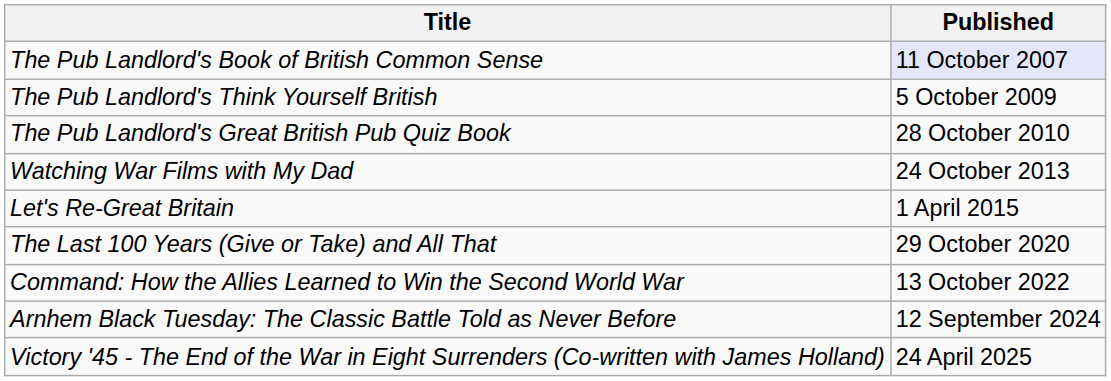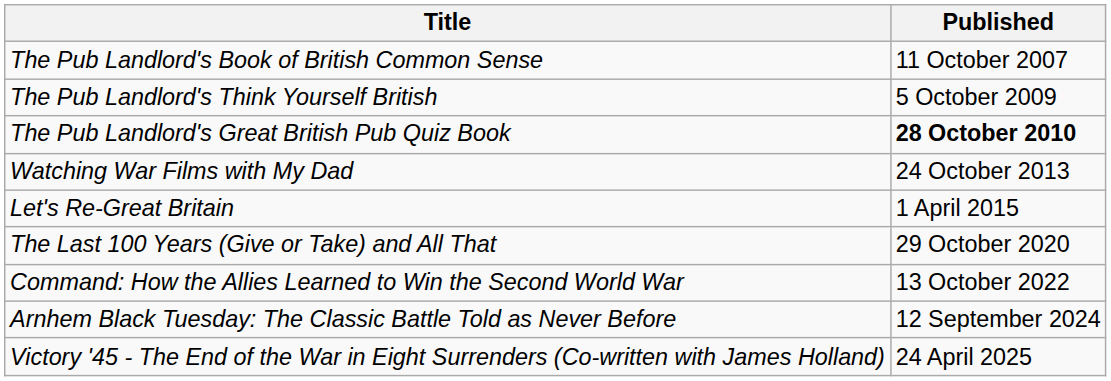 <table class="wikitable">
 <tr>
 <th>Title</th>
 <th>Published</th>
 </tr>
 <tr>
 <td><em>The Pub Landlord's Book of British Common Sense</em></td>
-<td style="background: lavender;">11 October 2007</td>
+<td>11 October 2007</td>
 </tr>
 <tr>
 <td><em>The Pub Landlord's Think Yourself British</em></td>
 <td>5 October 2009</td>
 </tr>
 <tr>
 <td><em>The Pub Landlord's Great British Pub Quiz Book</em></td>
-<td>28 October 2010</td>
+<td><strong>28 October 2010</strong></td>
 </tr>
 <tr>
 <td><em>Watching War Films with My Dad</em></td>
 <td>24 October 2013</td>
 </tr>
 <tr>
 <td><em>Let's Re-Great Britain</em></td>
 <td>1 April 2015</td>
 </tr>
 <tr>
 <td><em>The Last 100 Years (Give or Take) and All That</em></td>
 <td>29 October 2020</td>
 </tr>
 <tr>
 <td><em>Command: How the Allies Learned to Win the Second World War</em></td>
 <td>13 October 2022</td>
 </tr>
 <tr>
 <td><em>Arnhem Black Tuesday: The Classic Battle Told as Never Before</em></td>
 <td>12 September 2024</td>
 </tr>
 <tr>
 <td><em>Victory '45 - The End of the War in Eight Surrenders (Co-written with James Holland)</em></td>
 <td>24 April 2025</td>
 </tr>
 </table>
